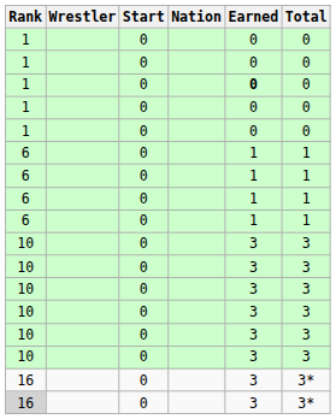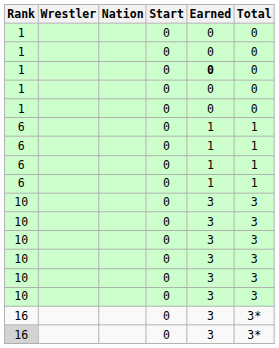 <table class="wikitable sortable" style="text-align:center;">
 <tr>
 <th>Rank</th>
 <th>Wrestler</th>
+<th>Nation</th>
 <th>Start</th>
-<th>Nation</th>
 <th>Earned</th>
 <th>Total</th>
 </tr>
 <tr style="background:#cfc;">
 <td>1</td>
 <td align=left></td>
+<td align=left></td>
 <td>0</td>
-<td align=left></td>
 <td>0</td>
 <td>0</td>
 </tr>
 <tr style="background:#cfc;">
 <td>1</td>
 <td align=left></td>
+<td align=left></td>
 <td>0</td>
-<td align=left></td>
 <td>0</td>
 <td>0</td>
 </tr>
 <tr style="background:#cfc;">
 <td>1</td>
 <td align=left></td>
+<td align=left></td>
 <td>0</td>
-<td align=left></td>
 <td><strong>0</strong></td>
 <td>0</td>
 </tr>
 <tr style="background:#cfc;">
 <td>1</td>
 <td align=left></td>
+<td align=left></td>
 <td>0</td>
-<td align=left></td>
 <td>0</td>
 <td>0</td>
 </tr>
 <tr style="background:#cfc;">
 <td>1</td>
 <td align=left></td>
+<td align=left></td>
 <td>0</td>
-<td align=left></td>
 <td>0</td>
 <td>0</td>
 </tr>
 <tr style="background:#cfc;">
 <td>6</td>
 <td align=left></td>
+<td align=left></td>
 <td>0</td>
-<td align=left></td>
 <td>1</td>
 <td>1</td>
 </tr>
 <tr style="background:#cfc;">
 <td>6</td>
 <td align=left></td>
+<td align=left></td>
 <td>0</td>
-<td align=left></td>
 <td>1</td>
 <td>1</td>
 </tr>
 <tr style="background:#cfc;">
 <td>6</td>
 <td align=left></td>
+<td align=left></td>
 <td>0</td>
-<td align=left></td>
 <td>1</td>
 <td>1</td>
 </tr>
 <tr style="background:#cfc;">
 <td>6</td>
 <td align=left></td>
+<td align=left></td>
 <td>0</td>
-<td align=left></td>
 <td>1</td>
 <td>1</td>
 </tr>
 <tr style="background:#cfc;">
 <td>10</td>
 <td align=left></td>
+<td align=left></td>
 <td>0</td>
-<td align=left></td>
 <td>3</td>
 <td>3</td>
 </tr>
 <tr style="background:#cfc;">
 <td>10</td>
 <td align=left></td>
+<td align=left></td>
 <td>0</td>
-<td align=left></td>
 <td>3</td>
 <td>3</td>
 </tr>
 <tr style="background:#cfc;">
 <td>10</td>
 <td align=left></td>
+<td align=left></td>
 <td>0</td>
-<td align=left></td>
 <td>3</td>
 <td>3</td>
 </tr>
 <tr style="background:#cfc;">
 <td>10</td>
 <td align=left></td>
+<td align=left></td>
 <td>0</td>
-<td align=left></td>
 <td>3</td>
 <td>3</td>
 </tr>
 <tr style="background:#cfc;">
 <td>10</td>
 <td align=left></td>
+<td align=left></td>
 <td>0</td>
-<td align=left></td>
 <td>3</td>
 <td>3</td>
 </tr>
 <tr style="background:#cfc;">
 <td>10</td>
 <td align=left></td>
+<td align=left></td>
 <td>0</td>
-<td align=left></td>
 <td>3</td>
 <td>3</td>
 </tr>
 <tr>
 <td>16</td>
 <td align=left></td>
+<td align=left></td>
 <td>0</td>
-<td align=left></td>
 <td>3</td>
 <td>3*</td>
 </tr>
 <tr>
 <td style="background: lightgrey;">16</td>
 <td align=left></td>
+<td align=left></td>
 <td>0</td>
-<td align=left></td>
 <td>3</td>
 <td>3*</td>
 </tr>
 </table>
